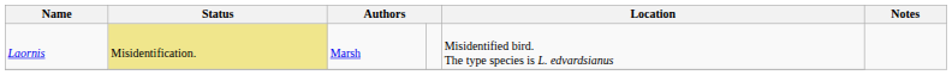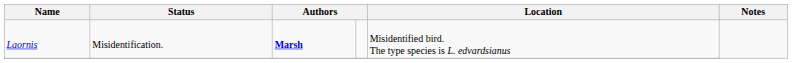 <table class="wikitable sortable" align="center" width="100%">
 <tr>
 <th>Name</th>
 <th>Status</th>
 <th colspan="2">Authors</th>
 <th>Location</th>
 <th>Notes</th>
 </tr>
 <tr>
 <td><br><em><a href='#'>Laornis</a></em></td>
-<td style="background: khaki;"><br>Misidentification.</td>
-<td><br><a href='#'>Marsh</a></td>
+<td><br>Misidentification.</td>
+<td><strong><br><a href='#'>Marsh</a></strong></td>
 <td><br><br></td>
 <td><br>Misidentified bird.<br> The type species is <em>L. edvardsianus</em></td>
 </tr>
 <tr>
 </tr>
 </table>
